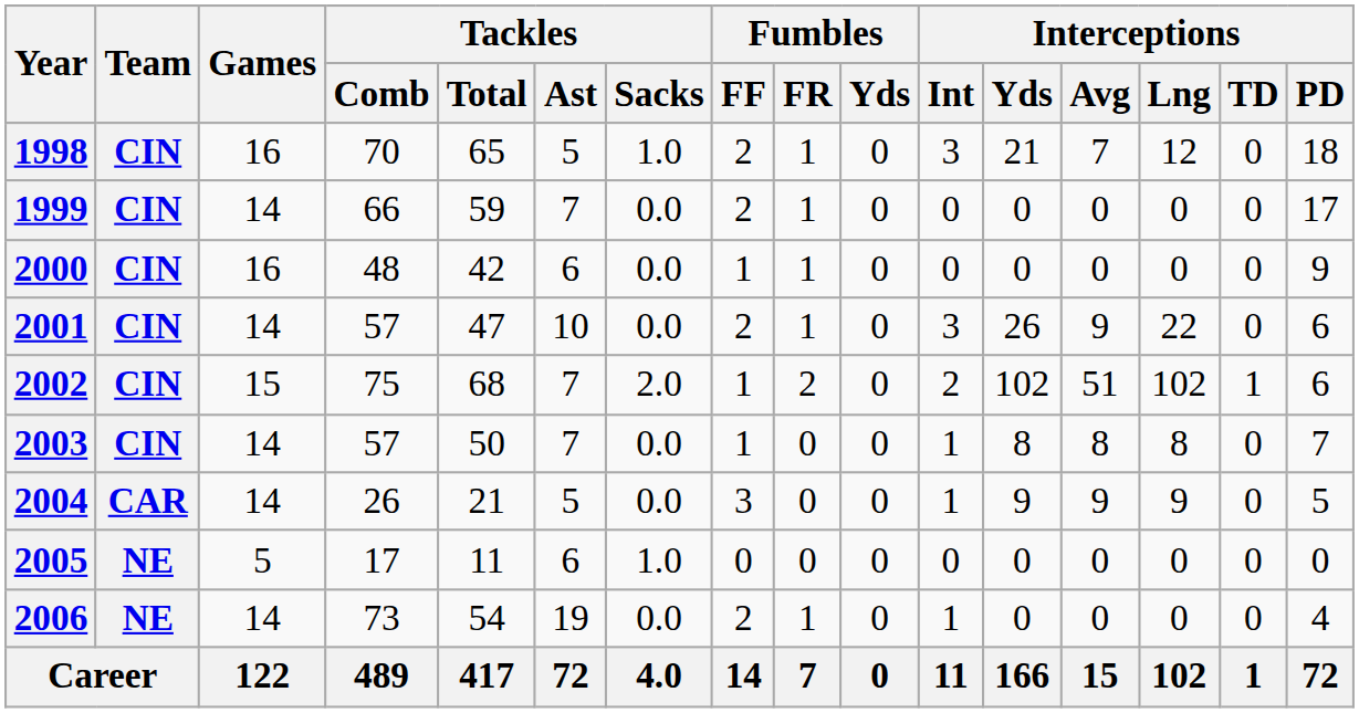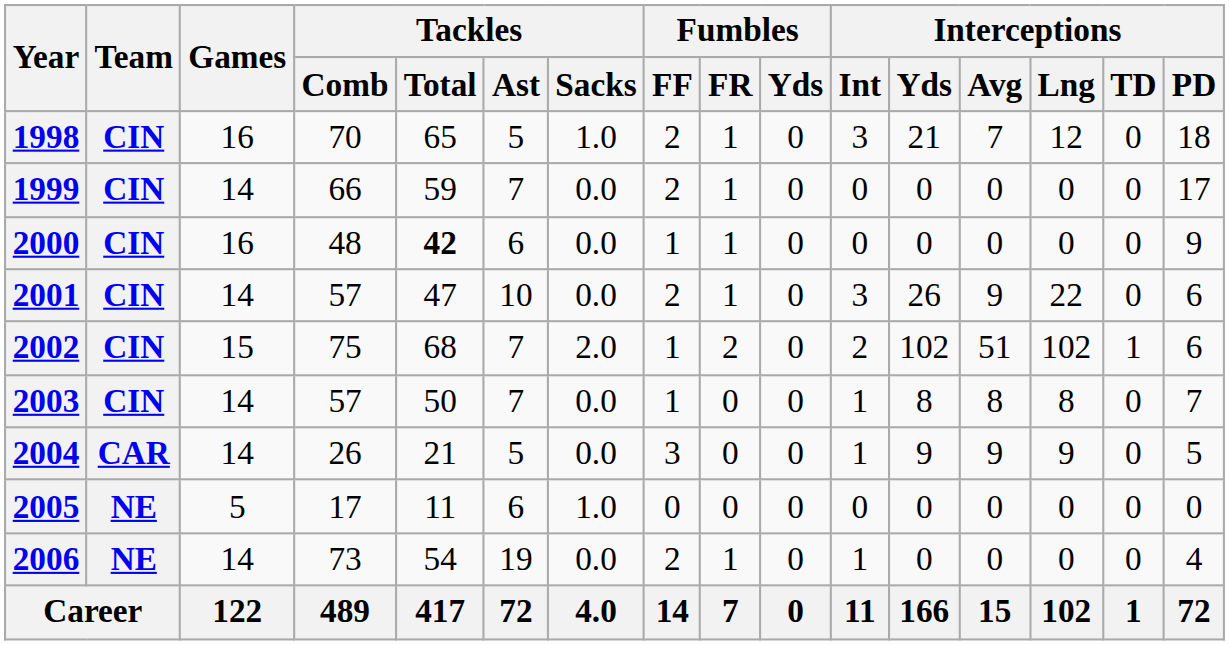 <table class="wikitable" style="text-align: center;">
 <tr>
 <th rowspan="2">Year</th>
 <th rowspan="2">Team</th>
 <th rowspan="2">Games</th>
 <th colspan="4">Tackles</th>
 <th colspan="3">Fumbles</th>
 <th colspan="6">Interceptions</th>
 </tr>
 <tr>
 <th>Comb</th>
 <th>Total</th>
 <th>Ast</th>
 <th>Sacks</th>
 <th>FF</th>
 <th>FR</th>
 <th>Yds</th>
 <th>Int</th>
 <th>Yds</th>
 <th>Avg</th>
 <th>Lng</th>
 <th>TD</th>
 <th>PD</th>
 </tr>
 <tr>
 <th><a href='#'>1998</a></th>
 <th><a href='#'>CIN</a></th>
 <td>16</td>
 <td>70</td>
 <td>65</td>
 <td>5</td>
 <td>1.0</td>
 <td>2</td>
 <td>1</td>
 <td>0</td>
 <td>3</td>
 <td>21</td>
 <td>7</td>
 <td>12</td>
 <td>0</td>
 <td>18</td>
 </tr>
 <tr>
 <th><a href='#'>1999</a></th>
 <th><a href='#'>CIN</a></th>
 <td>14</td>
 <td>66</td>
 <td>59</td>
 <td>7</td>
 <td>0.0</td>
 <td>2</td>
 <td>1</td>
 <td>0</td>
 <td>0</td>
 <td>0</td>
 <td>0</td>
 <td>0</td>
 <td>0</td>
 <td>17</td>
 </tr>
 <tr>
 <th><a href='#'>2000</a></th>
 <th><a href='#'>CIN</a></th>
 <td>16</td>
 <td>48</td>
-<td>42</td>
+<td><strong>42</strong></td>
 <td>6</td>
 <td>0.0</td>
 <td>1</td>
 <td>1</td>
 <td>0</td>
 <td>0</td>
 <td>0</td>
 <td>0</td>
 <td>0</td>
 <td>0</td>
 <td>9</td>
 </tr>
 <tr>
 <th><a href='#'>2001</a></th>
 <th><a href='#'>CIN</a></th>
 <td>14</td>
 <td>57</td>
 <td>47</td>
 <td>10</td>
 <td>0.0</td>
 <td>2</td>
 <td>1</td>
 <td>0</td>
 <td>3</td>
 <td>26</td>
 <td>9</td>
 <td>22</td>
 <td>0</td>
 <td>6</td>
 </tr>
 <tr>
 <th><a href='#'>2002</a></th>
 <th><a href='#'>CIN</a></th>
 <td>15</td>
 <td>75</td>
 <td>68</td>
 <td>7</td>
 <td>2.0</td>
 <td>1</td>
 <td>2</td>
 <td>0</td>
 <td>2</td>
 <td>102</td>
 <td>51</td>
 <td>102</td>
 <td>1</td>
 <td>6</td>
 </tr>
 <tr>
 <th><a href='#'>2003</a></th>
 <th><a href='#'>CIN</a></th>
 <td>14</td>
 <td>57</td>
 <td>50</td>
 <td>7</td>
 <td>0.0</td>
 <td>1</td>
 <td>0</td>
 <td>0</td>
 <td>1</td>
 <td>8</td>
 <td>8</td>
 <td>8</td>
 <td>0</td>
 <td>7</td>
 </tr>
 <tr>
 <th><a href='#'>2004</a></th>
 <th><a href='#'>CAR</a></th>
 <td>14</td>
 <td>26</td>
 <td>21</td>
 <td>5</td>
 <td>0.0</td>
 <td>3</td>
 <td>0</td>
 <td>0</td>
 <td>1</td>
 <td>9</td>
 <td>9</td>
 <td>9</td>
 <td>0</td>
 <td>5</td>
 </tr>
 <tr>
 <th><a href='#'>2005</a></th>
 <th><a href='#'>NE</a></th>
 <td>5</td>
 <td>17</td>
 <td>11</td>
 <td>6</td>
 <td>1.0</td>
 <td>0</td>
 <td>0</td>
 <td>0</td>
 <td>0</td>
 <td>0</td>
 <td>0</td>
 <td>0</td>
 <td>0</td>
 <td>0</td>
 </tr>
 <tr>
 <th><a href='#'>2006</a></th>
 <th><a href='#'>NE</a></th>
 <td>14</td>
 <td>73</td>
 <td>54</td>
 <td>19</td>
 <td>0.0</td>
 <td>2</td>
 <td>1</td>
 <td>0</td>
 <td>1</td>
 <td>0</td>
 <td>0</td>
 <td>0</td>
 <td>0</td>
 <td>4</td>
 </tr>
 <tr>
 <th colspan="2">Career</th>
 <th>122</th>
 <th>489</th>
 <th>417</th>
 <th>72</th>
 <th>4.0</th>
 <th>14</th>
 <th>7</th>
 <th>0</th>
 <th>11</th>
 <th>166</th>
 <th>15</th>
 <th>102</th>
 <th>1</th>
 <th>72</th>
 </tr>
 </table>
